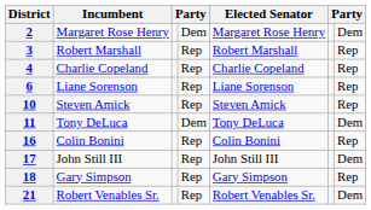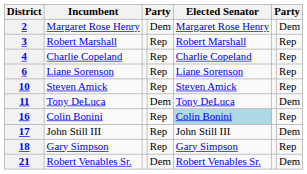 <table class="sortable wikitable" style="font-size:95%;line-height:14px;">
 <tr>
 <th colspan="1">District</th>
 <th class="unsortable">Incumbent</th>
 <th colspan="2">Party</th>
 <th class="unsortable">Elected Senator</th>
 <th colspan="2">Party</th>
 </tr>
 <tr>
 <th><a href='#'>2</a></th>
 <td><a href='#'>Margaret Rose Henry</a></td>
 <td style="background:"></td>
 <td>Dem</td>
 <td><a href='#'>Margaret Rose Henry</a></td>
 <td style="background:"></td>
 <td>Dem</td>
 </tr>
 <tr>
 <th><a href='#'>3</a></th>
 <td><a href='#'>Robert Marshall</a></td>
 <td style="background:"></td>
 <td>Rep</td>
 <td><a href='#'>Robert Marshall</a></td>
 <td style="background:"></td>
 <td>Rep</td>
 </tr>
 <tr>
 <th><a href='#'>4</a></th>
 <td><a href='#'>Charlie Copeland</a></td>
 <td style="background:"></td>
 <td>Rep</td>
 <td><a href='#'>Charlie Copeland</a></td>
 <td style="background:"></td>
 <td>Rep</td>
 </tr>
 <tr>
 <th><a href='#'>6</a></th>
 <td><a href='#'>Liane Sorenson</a></td>
 <td style="background:"></td>
 <td>Rep</td>
 <td><a href='#'>Liane Sorenson</a></td>
 <td style="background:"></td>
 <td>Rep</td>
 </tr>
 <tr>
 <th><a href='#'>10</a></th>
 <td><a href='#'>Steven Amick</a></td>
 <td style="background:"></td>
 <td>Rep</td>
 <td><a href='#'>Steven Amick</a></td>
 <td style="background:"></td>
 <td>Rep</td>
 </tr>
 <tr>
 <th><a href='#'>11</a></th>
 <td><a href='#'>Tony DeLuca</a></td>
 <td style="background:"></td>
 <td>Dem</td>
 <td><a href='#'>Tony DeLuca</a></td>
 <td style="background:"></td>
 <td>Dem</td>
 </tr>
 <tr>
 <th><a href='#'>16</a></th>
 <td><a href='#'>Colin Bonini</a></td>
 <td style="background:"></td>
 <td>Rep</td>
-<td><a href='#'>Colin Bonini</a></td>
+<td style="background: lightblue;"><a href='#'>Colin Bonini</a></td>
 <td style="background:"></td>
 <td>Rep</td>
 </tr>
 <tr>
 <th><a href='#'>17</a></th>
 <td>John Still III</td>
 <td style="background:"></td>
 <td>Rep</td>
 <td>John Still III</td>
 <td style="background:"></td>
 <td>Dem</td>
 </tr>
 <tr>
 <th><a href='#'>18</a></th>
 <td><a href='#'>Gary Simpson</a></td>
 <td style="background:"></td>
 <td>Rep</td>
 <td><a href='#'>Gary Simpson</a></td>
 <td style="background:"></td>
 <td>Rep</td>
 </tr>
 <tr>
 <th><a href='#'>21</a></th>
 <td><a href='#'>Robert Venables Sr.</a></td>
 <td style="background:"></td>
-<td>Rep</td>
+<td>Dem</td>
 <td><a href='#'>Robert Venables Sr.</a></td>
 <td style="background:"></td>
 <td>Dem</td>
 </tr>
 </table>
